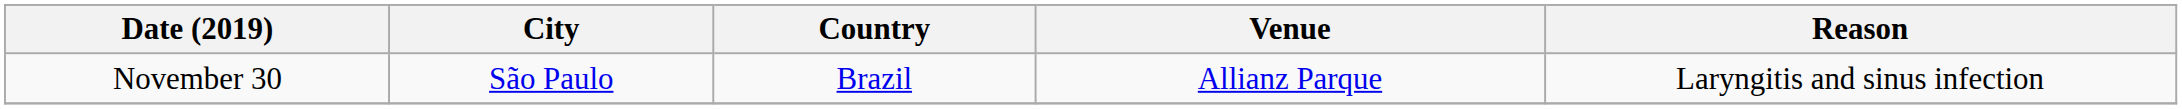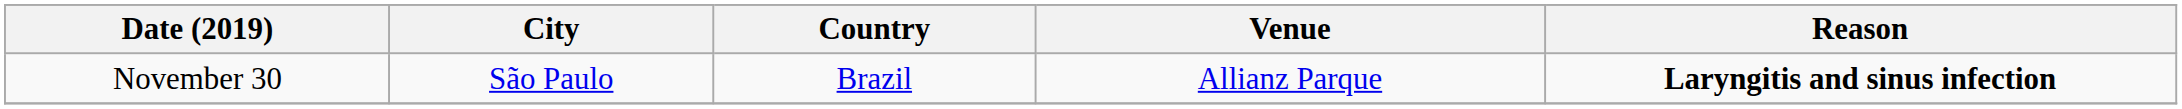 <table class="wikitable" style="text-align:center;">
 <tr>
 <th scope="col" style="width:12em;">Date (2019)</th>
 <th scope="col" style="width:10em;">City</th>
 <th scope="col" style="width:10em;">Country</th>
 <th scope="col" style="width:16em;">Venue</th>
 <th scope="col" style="width:20em;">Reason</th>
 </tr>
 <tr>
 <td>November 30</td>
 <td><a href='#'>São Paulo</a></td>
 <td><a href='#'>Brazil</a></td>
 <td><a href='#'>Allianz Parque</a></td>
-<td>Laryngitis and sinus infection</td>
+<td><strong>Laryngitis and sinus infection</strong></td>
 </tr>
 <tr>
 </tr>
 </table>
